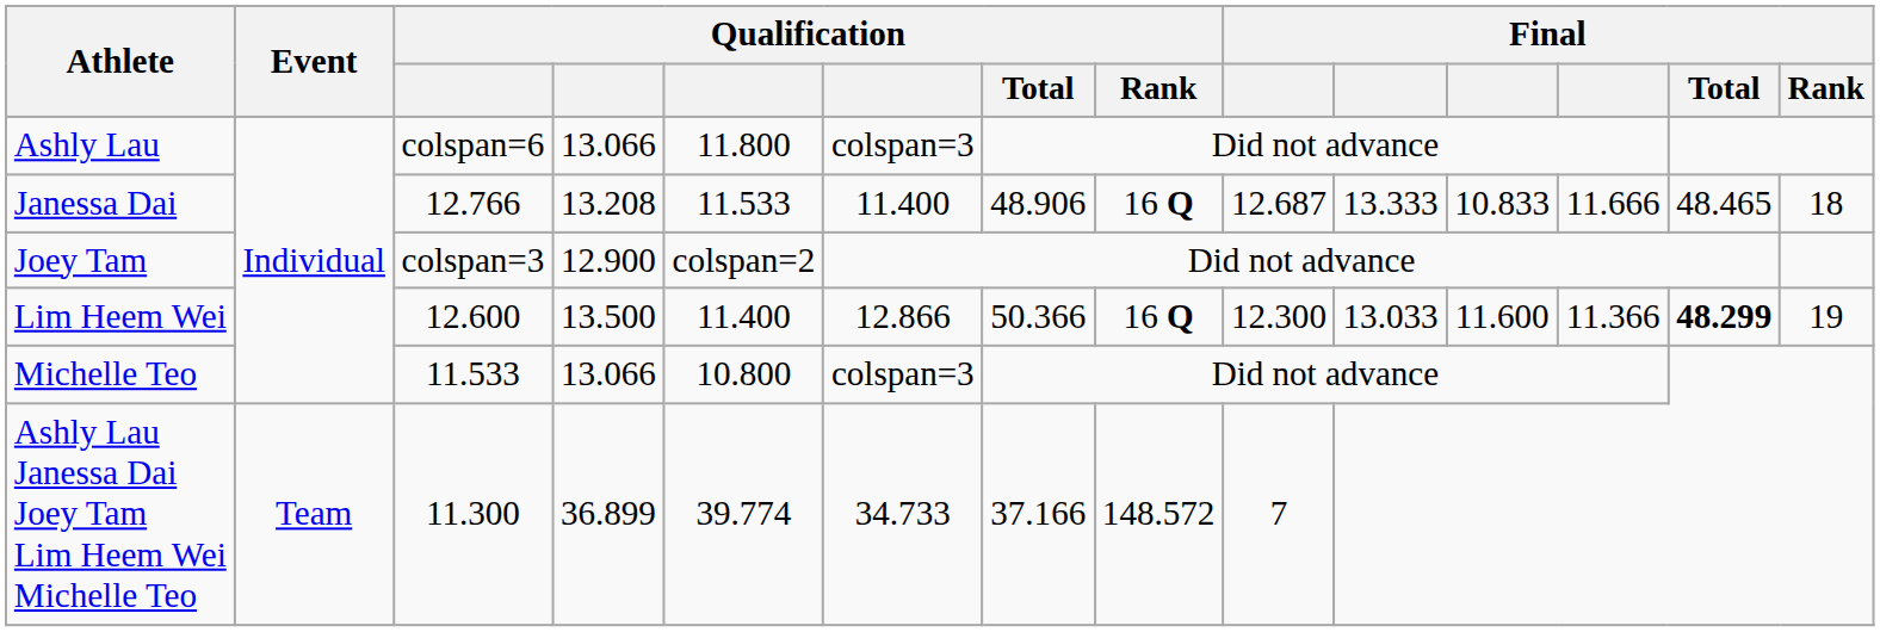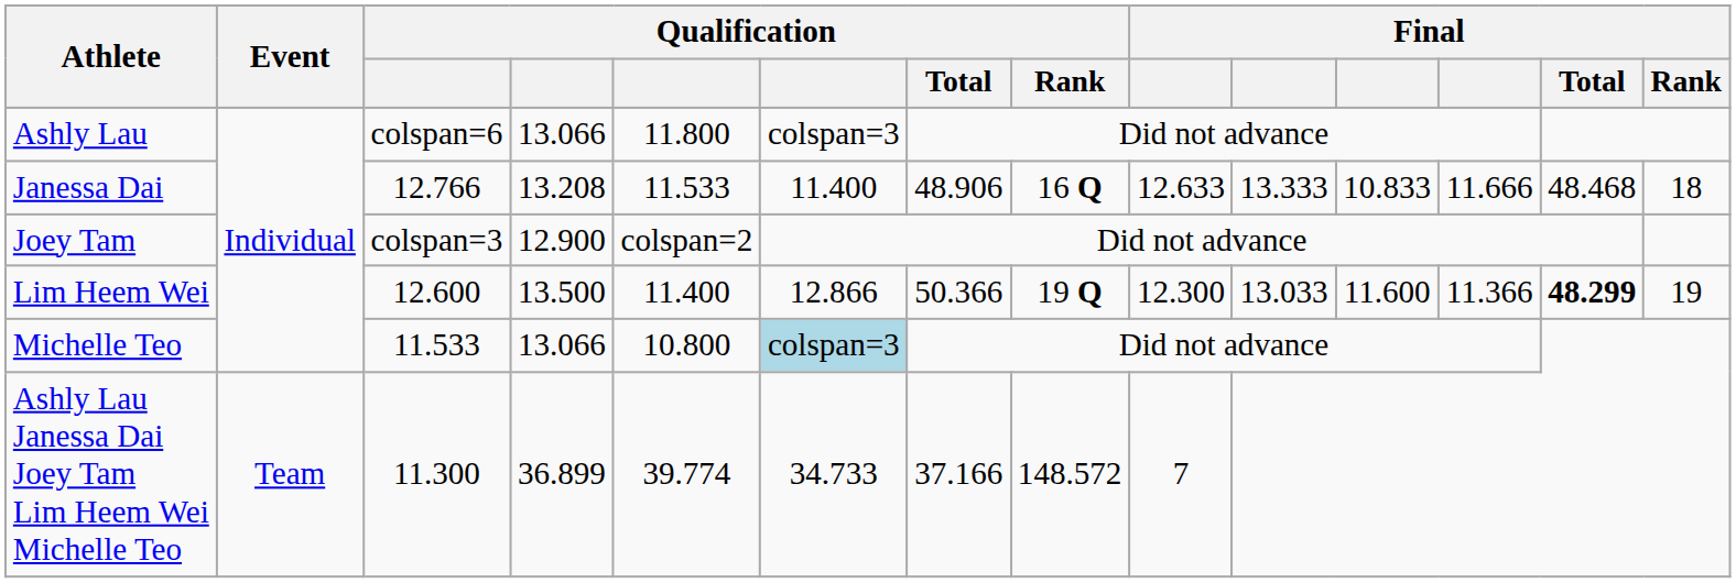 <table class="wikitable" style="font-size:90%">
 <tr>
 <th rowspan=2>Athlete</th>
 <th rowspan=2>Event</th>
 <th colspan =6>Qualification</th>
 <th colspan =6>Final</th>
 </tr>
 <tr style="font-size:95%">
 <th></th>
 <th></th>
 <th></th>
 <th></th>
 <th>Total</th>
 <th>Rank</th>
 <th></th>
 <th></th>
 <th></th>
 <th></th>
 <th>Total</th>
 <th>Rank</th>
 </tr>
 <tr align=center>
 <td align=left><a href='#'>Ashly Lau</a></td>
 <td style="text-align:left;" rowspan="5"><a href='#'>Individual</a></td>
 <td>colspan=6 </td>
 <td>13.066</td>
 <td>11.800</td>
 <td>colspan=3 </td>
 <td colspan=6>Did not advance</td>
 </tr>
 <tr align=center>
 <td align=left><a href='#'>Janessa Dai</a></td>
 <td>12.766</td>
 <td>13.208</td>
 <td>11.533</td>
 <td>11.400</td>
 <td>48.906</td>
 <td>16 <strong>Q</strong></td>
-<td>12.687</td>
+<td>12.633</td>
 <td>13.333</td>
 <td>10.833</td>
 <td>11.666</td>
-<td>48.465</td>
+<td>48.468</td>
 <td>18</td>
 </tr>
 <tr align=center>
 <td align=left><a href='#'>Joey Tam</a></td>
 <td>colspan=3 </td>
 <td>12.900</td>
 <td>colspan=2 </td>
 <td colspan=8>Did not advance</td>
 </tr>
 <tr align=center>
 <td align=left><a href='#'>Lim Heem Wei</a></td>
 <td>12.600</td>
 <td>13.500</td>
 <td>11.400</td>
 <td>12.866</td>
 <td>50.366</td>
-<td>16 <strong>Q</strong></td>
+<td>19 <strong>Q</strong></td>
 <td>12.300</td>
 <td>13.033</td>
 <td>11.600</td>
 <td>11.366</td>
 <td><strong>48.299</strong></td>
 <td>19</td>
 </tr>
 <tr align=center>
 <td align=left><a href='#'>Michelle Teo</a></td>
 <td>11.533</td>
 <td>13.066</td>
 <td>10.800</td>
-<td>colspan=3 </td>
+<td style="background: lightblue;">colspan=3 </td>
 <td colspan=6>Did not advance</td>
 </tr>
 <tr align=center>
 <td align=left><a href='#'>Ashly Lau</a><br><a href='#'>Janessa Dai</a><br><a href='#'>Joey Tam</a><br><a href='#'>Lim Heem Wei</a><br><a href='#'>Michelle Teo</a></td>
 <td><a href='#'>Team</a></td>
 <td>11.300</td>
 <td>36.899</td>
 <td>39.774</td>
 <td>34.733</td>
 <td>37.166</td>
 <td>148.572</td>
 <td>7</td>
 </tr>
 </table>
